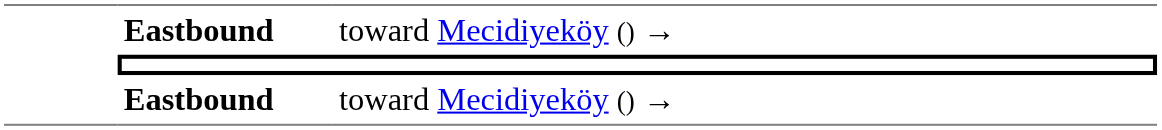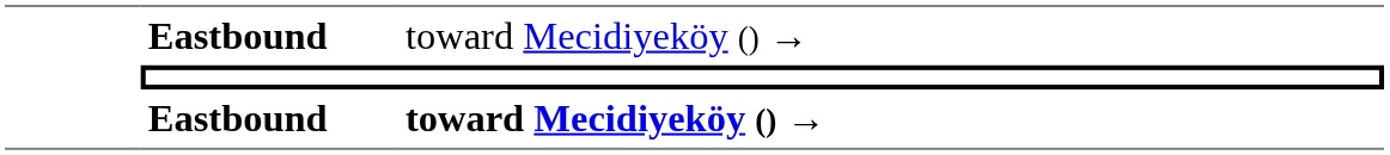 <table table border=0 cellspacing=0 cellpadding=3>
 <tr>
 <td style="border-top:solid 1px gray;border-bottom:solid 1px gray;" width=50 rowspan=3 valign=top></td>
 <td style="border-top:solid 1px gray;" width=100><strong>Eastbound</strong></td>
 <td style="border-top:solid 1px gray;" width=400> toward <a href='#'>Mecidiyeköy</a> <small>()</small> →</td>
 </tr>
 <tr>
 <td style="border-top:solid 2px black;border-right:solid 2px black;border-left:solid 2px black;border-bottom:solid 2px black;text-align:center;" colspan=2></td>
 </tr>
 <tr>
 <td style="border-bottom:solid 1px gray;"><strong>Eastbound</strong></td>
-<td style="border-bottom:solid 1px gray;"> toward <a href='#'>Mecidiyeköy</a> <small>()</small> →</td>
+<td style="border-bottom:solid 1px gray;"><strong> toward <a href='#'>Mecidiyeköy</a> <small>()</small> →</strong></td>
 </tr>
 </table>
